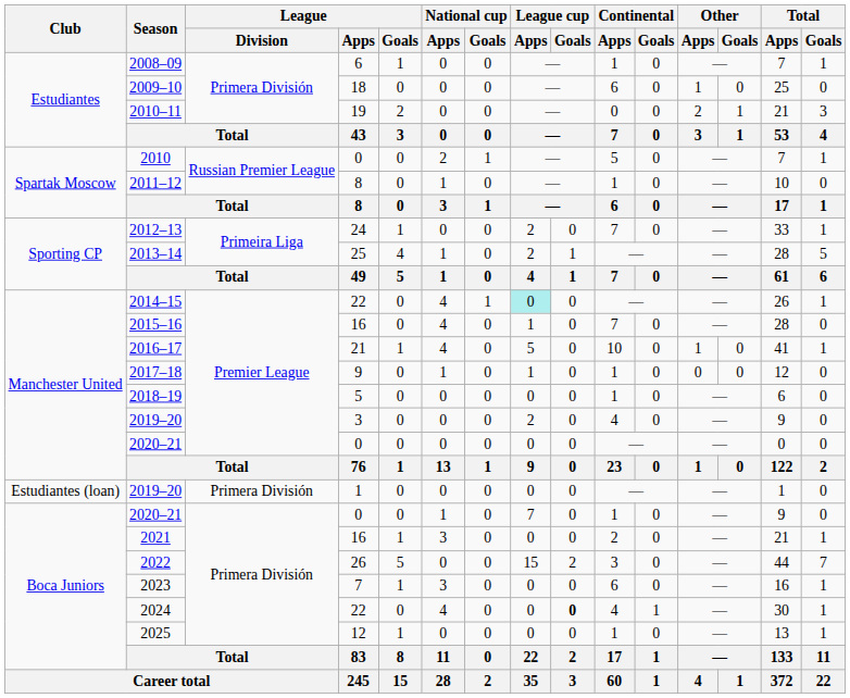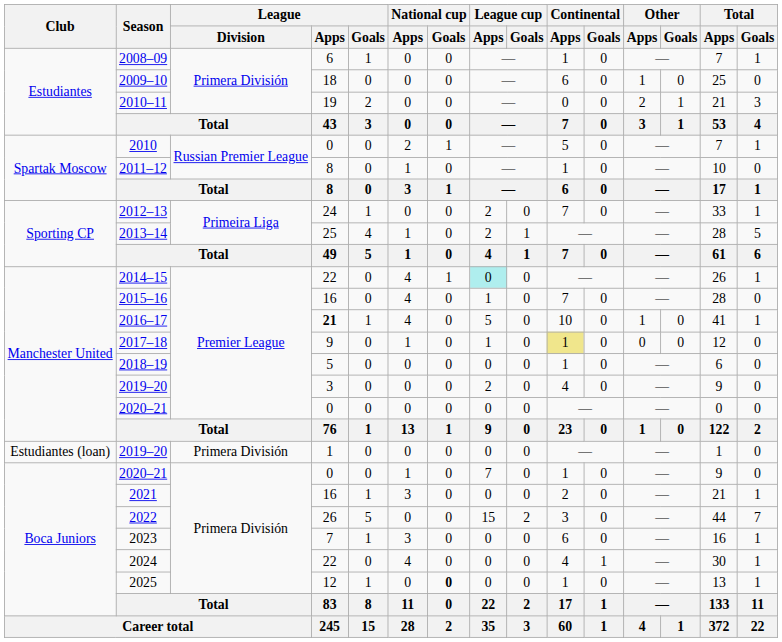 <table class=wikitable style="text-align:center">
 <tr>
 <th rowspan=2>Club</th>
 <th rowspan=2>Season</th>
 <th colspan=3>League</th>
 <th colspan=2>National cup</th>
 <th colspan=2>League cup</th>
 <th colspan=2>Continental</th>
 <th colspan=2>Other</th>
 <th colspan=2>Total</th>
 </tr>
 <tr>
 <th>Division</th>
 <th>Apps</th>
 <th>Goals</th>
 <th>Apps</th>
 <th>Goals</th>
 <th>Apps</th>
 <th>Goals</th>
 <th>Apps</th>
 <th>Goals</th>
 <th>Apps</th>
 <th>Goals</th>
 <th>Apps</th>
 <th>Goals</th>
 </tr>
 <tr>
 <td rowspan=4><a href='#'>Estudiantes</a></td>
 <td><a href='#'>2008–09</a></td>
 <td rowspan=3><a href='#'>Primera División</a></td>
 <td>6</td>
 <td>1</td>
 <td>0</td>
 <td>0</td>
 <td colspan=2>—</td>
 <td>1</td>
 <td>0</td>
 <td colspan=2>—</td>
 <td>7</td>
 <td>1</td>
 </tr>
 <tr>
 <td><a href='#'>2009–10</a></td>
 <td>18</td>
 <td>0</td>
 <td>0</td>
 <td>0</td>
 <td colspan=2>—</td>
 <td>6</td>
 <td>0</td>
 <td>1</td>
 <td>0</td>
 <td>25</td>
 <td>0</td>
 </tr>
 <tr>
 <td><a href='#'>2010–11</a></td>
 <td>19</td>
 <td>2</td>
 <td>0</td>
 <td>0</td>
 <td colspan=2>—</td>
 <td>0</td>
 <td>0</td>
 <td>2</td>
 <td>1</td>
 <td>21</td>
 <td>3</td>
 </tr>
 <tr>
 <th colspan=2>Total</th>
 <th>43</th>
 <th>3</th>
 <th>0</th>
 <th>0</th>
 <th colspan=2>—</th>
 <th>7</th>
 <th>0</th>
 <th>3</th>
 <th>1</th>
 <th>53</th>
 <th>4</th>
 </tr>
 <tr>
 <td rowspan=3><a href='#'>Spartak Moscow</a></td>
 <td><a href='#'>2010</a></td>
 <td rowspan=2><a href='#'>Russian Premier League</a></td>
 <td>0</td>
 <td>0</td>
 <td>2</td>
 <td>1</td>
 <td colspan=2>—</td>
 <td>5</td>
 <td>0</td>
 <td colspan=2>—</td>
 <td>7</td>
 <td>1</td>
 </tr>
 <tr>
 <td><a href='#'>2011–12</a></td>
 <td>8</td>
 <td>0</td>
 <td>1</td>
 <td>0</td>
 <td colspan=2>—</td>
 <td>1</td>
 <td>0</td>
 <td colspan=2>—</td>
 <td>10</td>
 <td>0</td>
 </tr>
 <tr>
 <th colspan=2>Total</th>
 <th>8</th>
 <th>0</th>
 <th>3</th>
 <th>1</th>
 <th colspan=2>—</th>
 <th>6</th>
 <th>0</th>
 <th colspan=2>—</th>
 <th>17</th>
 <th>1</th>
 </tr>
 <tr>
 <td rowspan=3><a href='#'>Sporting CP</a></td>
 <td><a href='#'>2012–13</a></td>
 <td rowspan=2><a href='#'>Primeira Liga</a></td>
 <td>24</td>
 <td>1</td>
 <td>0</td>
 <td>0</td>
 <td>2</td>
 <td>0</td>
 <td>7</td>
 <td>0</td>
 <td colspan=2>—</td>
 <td>33</td>
 <td>1</td>
 </tr>
 <tr>
 <td><a href='#'>2013–14</a></td>
 <td>25</td>
 <td>4</td>
 <td>1</td>
 <td>0</td>
 <td>2</td>
 <td>1</td>
 <td colspan=2>—</td>
 <td colspan=2>—</td>
 <td>28</td>
 <td>5</td>
 </tr>
 <tr>
 <th colspan=2>Total</th>
 <th>49</th>
 <th>5</th>
 <th>1</th>
 <th>0</th>
 <th>4</th>
 <th>1</th>
 <th>7</th>
 <th>0</th>
 <th colspan=2>—</th>
 <th>61</th>
 <th>6</th>
 </tr>
 <tr>
 <td rowspan="8"><a href='#'>Manchester United</a></td>
 <td><a href='#'>2014–15</a></td>
 <td rowspan=7><a href='#'>Premier League</a></td>
 <td>22</td>
 <td>0</td>
 <td>4</td>
 <td>1</td>
 <td style="background: paleturquoise;">0</td>
 <td>0</td>
 <td colspan=2>—</td>
 <td colspan=2>—</td>
 <td>26</td>
 <td>1</td>
 </tr>
 <tr>
 <td><a href='#'>2015–16</a></td>
 <td>16</td>
 <td>0</td>
 <td>4</td>
 <td>0</td>
 <td>1</td>
 <td>0</td>
 <td>7</td>
 <td>0</td>
 <td colspan=2>—</td>
 <td>28</td>
 <td>0</td>
 </tr>
 <tr>
 <td><a href='#'>2016–17</a></td>
-<td>21</td>
+<td><strong>21</strong></td>
 <td>1</td>
 <td>4</td>
 <td>0</td>
 <td>5</td>
 <td>0</td>
 <td>10</td>
 <td>0</td>
 <td>1</td>
 <td>0</td>
 <td>41</td>
 <td>1</td>
 </tr>
 <tr>
 <td><a href='#'>2017–18</a></td>
 <td>9</td>
 <td>0</td>
 <td>1</td>
 <td>0</td>
 <td>1</td>
 <td>0</td>
-<td>1</td>
+<td style="background: khaki;">1</td>
 <td>0</td>
 <td>0</td>
 <td>0</td>
 <td>12</td>
 <td>0</td>
 </tr>
 <tr>
 <td><a href='#'>2018–19</a></td>
 <td>5</td>
 <td>0</td>
 <td>0</td>
 <td>0</td>
 <td>0</td>
 <td>0</td>
 <td>1</td>
 <td>0</td>
 <td colspan=2>—</td>
 <td>6</td>
 <td>0</td>
 </tr>
 <tr>
 <td><a href='#'>2019–20</a></td>
 <td>3</td>
 <td>0</td>
 <td>0</td>
 <td>0</td>
 <td>2</td>
 <td>0</td>
 <td>4</td>
 <td>0</td>
 <td colspan=2>—</td>
 <td>9</td>
 <td>0</td>
 </tr>
 <tr>
 <td><a href='#'>2020–21</a></td>
 <td>0</td>
 <td>0</td>
 <td>0</td>
 <td>0</td>
 <td>0</td>
 <td>0</td>
 <td colspan=2>—</td>
 <td colspan=2>—</td>
 <td>0</td>
 <td>0</td>
 </tr>
 <tr>
 <th colspan="2">Total</th>
 <th>76</th>
 <th>1</th>
 <th>13</th>
 <th>1</th>
 <th>9</th>
 <th>0</th>
 <th>23</th>
 <th>0</th>
 <th>1</th>
 <th>0</th>
 <th>122</th>
 <th>2</th>
 </tr>
 <tr>
 <td>Estudiantes (loan)</td>
 <td><a href='#'>2019–20</a></td>
 <td>Primera División</td>
 <td>1</td>
 <td>0</td>
 <td>0</td>
 <td>0</td>
 <td>0</td>
 <td>0</td>
 <td colspan=2>—</td>
 <td colspan=2>—</td>
 <td>1</td>
 <td>0</td>
 </tr>
 <tr>
 <td rowspan="7"><a href='#'>Boca Juniors</a></td>
 <td><a href='#'>2020–21</a></td>
 <td rowspan="6">Primera División</td>
 <td>0</td>
 <td>0</td>
 <td>1</td>
 <td>0</td>
 <td>7</td>
 <td>0</td>
 <td>1</td>
 <td>0</td>
 <td colspan=2>—</td>
 <td>9</td>
 <td>0</td>
 </tr>
 <tr>
 <td><a href='#'>2021</a></td>
 <td>16</td>
 <td>1</td>
 <td>3</td>
 <td>0</td>
 <td>0</td>
 <td>0</td>
 <td>2</td>
 <td>0</td>
 <td colspan=2>—</td>
 <td>21</td>
 <td>1</td>
 </tr>
 <tr>
 <td><a href='#'>2022</a></td>
 <td>26</td>
 <td>5</td>
 <td>0</td>
 <td>0</td>
 <td>15</td>
 <td>2</td>
 <td>3</td>
 <td>0</td>
 <td colspan=2>—</td>
 <td>44</td>
 <td>7</td>
 </tr>
 <tr>
 <td>2023</td>
 <td>7</td>
 <td>1</td>
 <td>3</td>
 <td>0</td>
 <td>0</td>
 <td>0</td>
 <td>6</td>
 <td>0</td>
 <td colspan="2">—</td>
 <td>16</td>
 <td>1</td>
 </tr>
 <tr>
 <td>2024</td>
 <td>22</td>
 <td>0</td>
 <td>4</td>
 <td>0</td>
 <td>0</td>
-<td><strong>0</strong></td>
+<td>0</td>
 <td>4</td>
 <td>1</td>
 <td colspan="2">—</td>
 <td>30</td>
 <td>1</td>
 </tr>
 <tr>
 <td>2025</td>
 <td>12</td>
 <td>1</td>
 <td>0</td>
-<td>0</td>
+<td><strong>0</strong></td>
 <td>0</td>
 <td>0</td>
 <td>1</td>
 <td>0</td>
 <td colspan="2">—</td>
 <td>13</td>
 <td>1</td>
 </tr>
 <tr>
 <th colspan="2">Total</th>
 <th>83</th>
 <th>8</th>
 <th>11</th>
 <th>0</th>
 <th>22</th>
 <th>2</th>
 <th>17</th>
 <th>1</th>
 <th colspan="2">—</th>
 <th>133</th>
 <th>11</th>
 </tr>
 <tr>
 <th colspan="3">Career total</th>
 <th>245</th>
 <th>15</th>
 <th>28</th>
 <th>2</th>
 <th>35</th>
 <th>3</th>
 <th>60</th>
 <th>1</th>
 <th>4</th>
 <th>1</th>
 <th>372</th>
 <th>22</th>
 </tr>
 </table>
